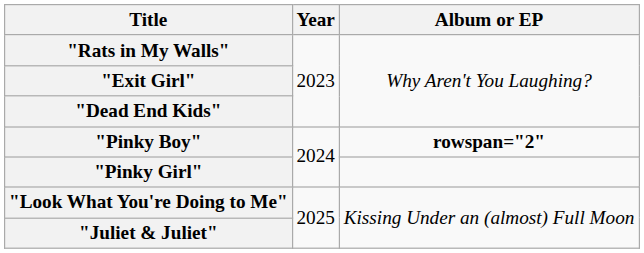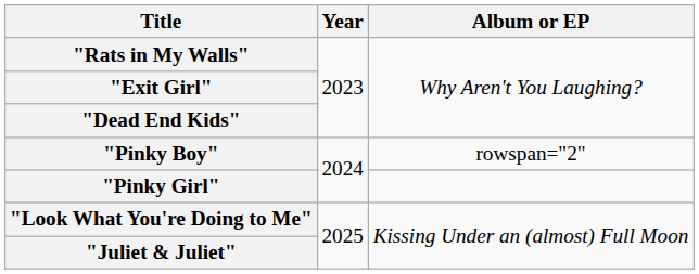 <table class="wikitable plainrowheaders" style="text-align:center;">
 <tr>
 <th scope="col">Title</th>
 <th scope="col">Year</th>
 <th scope="col">Album or EP</th>
 </tr>
 <tr>
 <th scope="row">"Rats in My Walls"</th>
 <td rowspan="3">2023</td>
 <td rowspan="3"><em>Why Aren't You Laughing?</em></td>
 </tr>
 <tr>
 <th scope="row">"Exit Girl"</th>
 </tr>
 <tr>
 <th scope="row">"Dead End Kids"</th>
 </tr>
 <tr>
 <th scope="row">"Pinky Boy"</th>
 <td rowspan="2">2024</td>
-<td><strong>rowspan="2" </strong></td>
+<td>rowspan="2" </td>
 </tr>
 <tr>
 <th scope="row">"Pinky Girl"</th>
 </tr>
 <tr>
 <th scope="row">"Look What You're Doing to Me"</th>
 <td rowspan="2">2025</td>
 <td rowspan="2"><em>Kissing Under an (almost) Full Moon</em></td>
 </tr>
 <tr>
 <th scope="row">"Juliet & Juliet"</th>
 </tr>
 </table>
